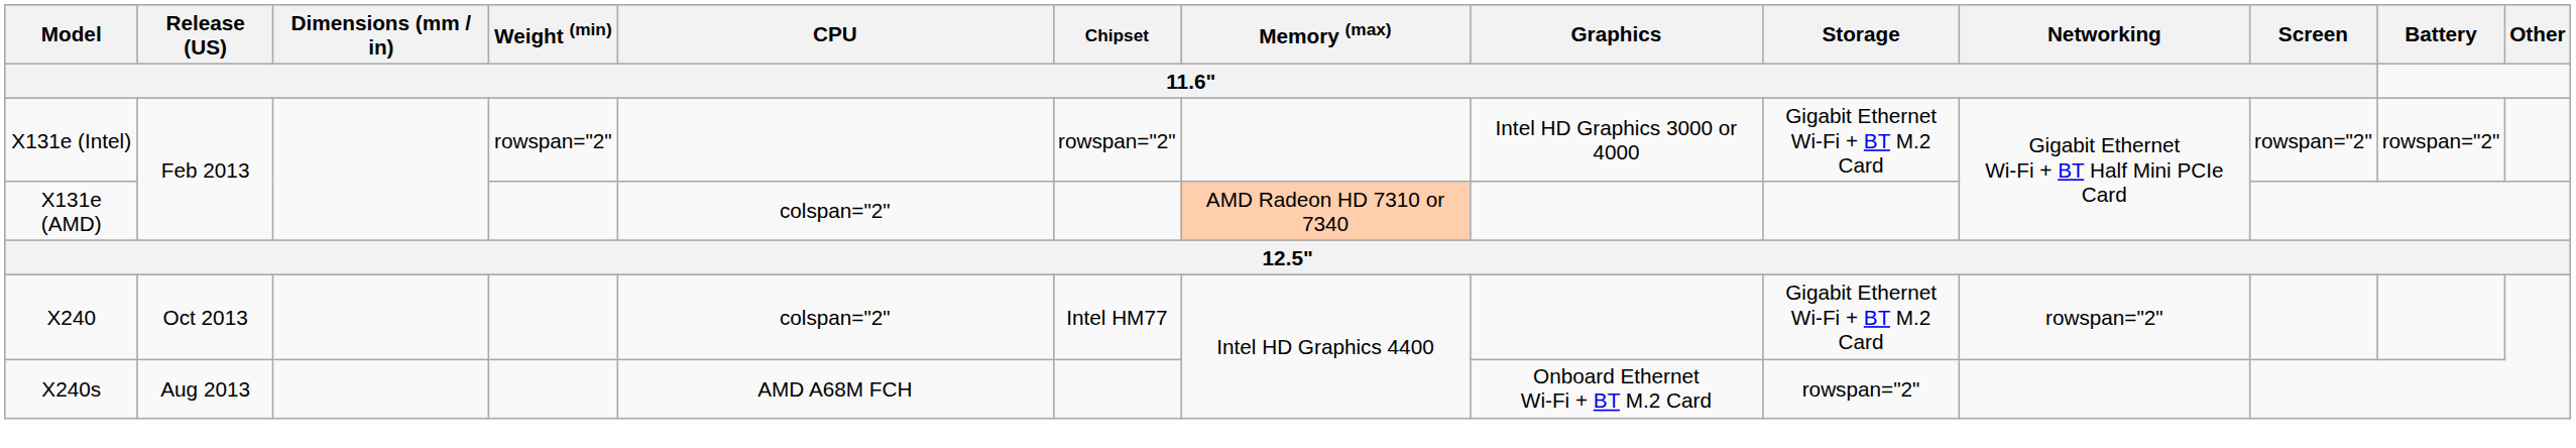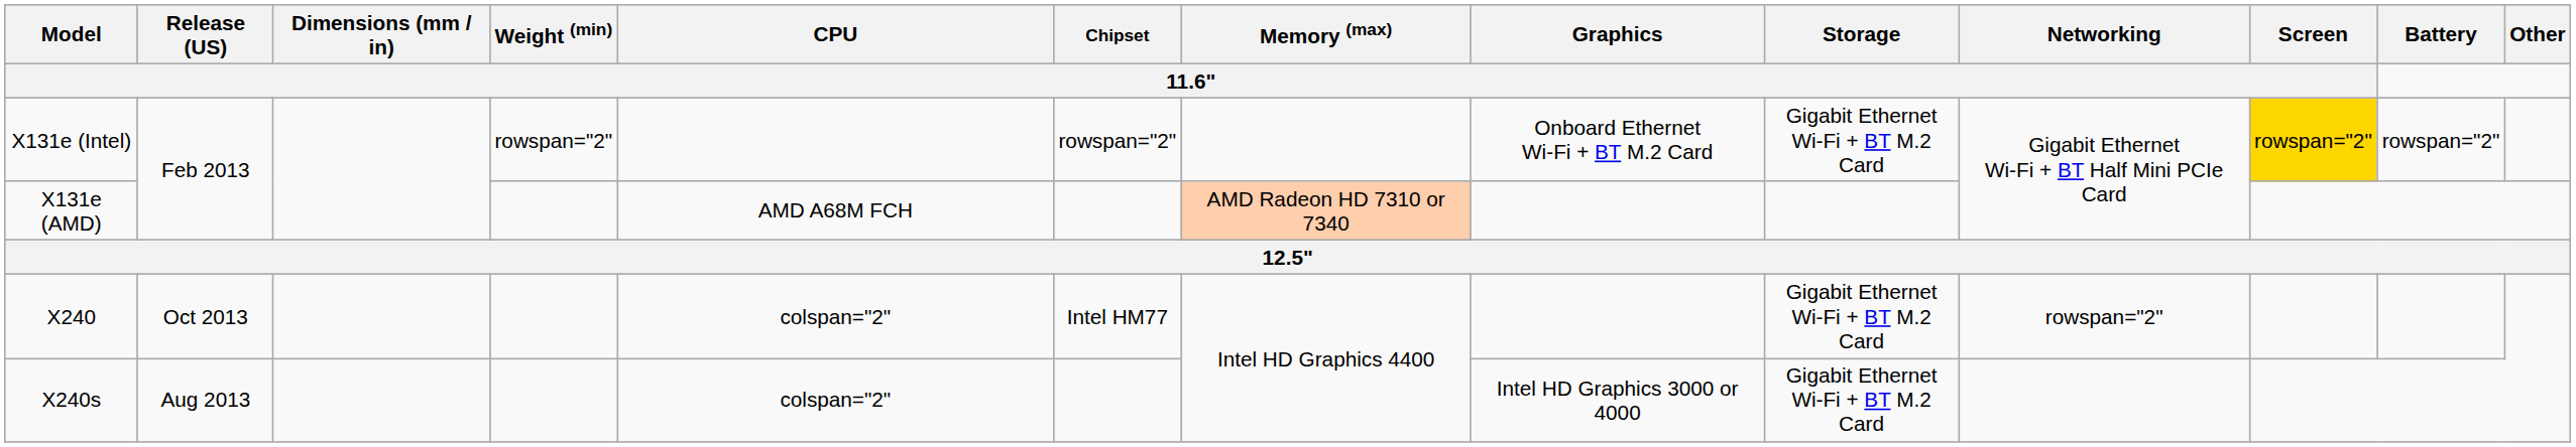 <table class="wikitable" style="font-size: 80%; text-align: center; min-width: 80%;">
 <tr>
 <th>Model</th>
 <th>Release (US)</th>
 <th>Dimensions (mm / in)</th>
 <th>Weight <sup>(min)</sup></th>
 <th style="width:17%">CPU</th>
 <th><small>Chipset</small></th>
 <th>Memory <sup>(max)</sup></th>
 <th>Graphics</th>
 <th>Storage</th>
 <th>Networking</th>
 <th>Screen</th>
 <th>Battery</th>
 <th>Other</th>
 </tr>
 <tr>
 <th colspan=11.6>11.6"</th>
 </tr>
 <tr>
 <td>X131e (Intel) </td>
 <td rowspan="2">Feb 2013</td>
 <td rowspan="2"></td>
 <td>rowspan="2" </td>
 <td></td>
 <td>rowspan="2" </td>
 <td></td>
-<td style="background:">Intel HD Graphics 3000 or 4000</td>
+<td> Onboard Ethernet<br>Wi-Fi + <a href='#'>BT</a> M.2 Card<br></td>
 <td>Gigabit Ethernet<br>Wi-Fi + <a href='#'>BT</a> M.2 Card<br><small></small></td>
 <td rowspan="2">Gigabit Ethernet<br>Wi-Fi + <a href='#'>BT</a> Half Mini PCIe Card<br><small></small></td>
-<td>rowspan="2" </td>
+<td style="background: gold;">rowspan="2" </td>
 <td>rowspan="2" </td>
 <td></td>
 </tr>
 <tr>
 <td>X131e (AMD) </td>
 <td></td>
-<td>colspan="2" </td>
+<td>AMD A68M FCH</td>
 <td></td>
 <td style="background:#ffcead;">AMD Radeon HD 7310 or 7340</td>
 <td></td>
 </tr>
 <tr>
 <th colspan=13>12.5"</th>
 </tr>
 <tr>
 <td>X240 </td>
 <td>Oct 2013</td>
 <td></td>
 <td></td>
 <td>colspan="2" </td>
 <td>Intel HM77</td>
 <td rowspan="2" style="background:">Intel HD Graphics 4400</td>
 <td></td>
 <td>Gigabit Ethernet<br>Wi-Fi + <a href='#'>BT</a> M.2 Card<br><small></small></td>
 <td>rowspan="2" </td>
 <td style="background:"></td>
 <td></td>
 </tr>
 <tr>
 <td>X240s </td>
 <td>Aug 2013</td>
 <td></td>
 <td></td>
-<td>AMD A68M FCH</td>
+<td>colspan="2" </td>
 <td></td>
-<td> Onboard Ethernet<br>Wi-Fi + <a href='#'>BT</a> M.2 Card<br></td>
-<td>rowspan="2" </td>
+<td style="background:">Intel HD Graphics 3000 or 4000</td>
+<td>Gigabit Ethernet<br>Wi-Fi + <a href='#'>BT</a> M.2 Card<br><small></small></td>
 <td></td>
 </tr>
 </table>
